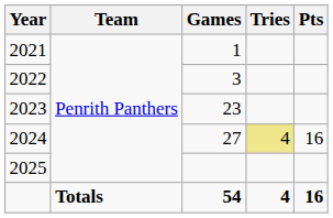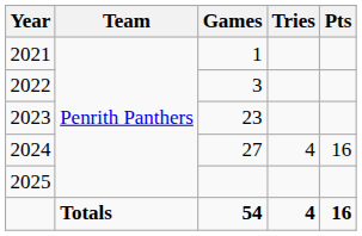 <table class="wikitable">
 <tr>
 <th>Year</th>
 <th>Team</th>
 <th>Games</th>
 <th>Tries</th>
 <th>Pts</th>
 </tr>
 <tr>
 <td align=center>2021</td>
 <td rowspan=5> <a href='#'>Penrith Panthers</a></td>
 <td align=right>1</td>
 <td align=right></td>
 <td align=right></td>
 </tr>
 <tr>
 <td align=center>2022</td>
 <td align=right>3</td>
 <td align=right></td>
 <td align=right></td>
 </tr>
 <tr>
 <td align=center>2023</td>
 <td align=right>23</td>
 <td align=right></td>
 <td align=right></td>
 </tr>
 <tr>
 <td align=center>2024</td>
 <td align=right>27</td>
-<td align=right style="background: khaki;">4</td>
+<td align=right>4</td>
 <td align=right>16</td>
 </tr>
 <tr>
 <td align=center>2025</td>
 <td align=right></td>
 <td align=right></td>
 <td align=right></td>
 </tr>
 <tr>
 <td></td>
 <td align=left><strong>Totals</strong></td>
 <td align=right><strong>54</strong></td>
 <td align=right><strong>4</strong></td>
 <td align=right><strong>16</strong></td>
 </tr>
 </table>
